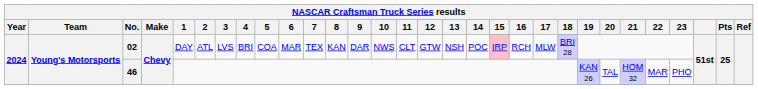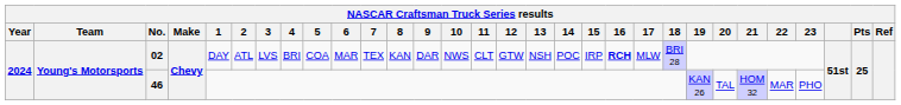 <table class="wikitable" style="text-align:center; font-size:75%">
 <tr>
 <th colspan=30><a href='#'>NASCAR Craftsman Truck Series</a> results</th>
 </tr>
 <tr>
 <th>Year</th>
 <th>Team</th>
 <th>No.</th>
 <th>Make</th>
 <th>1</th>
 <th>2</th>
 <th>3</th>
 <th>4</th>
 <th>5</th>
 <th>6</th>
 <th>7</th>
 <th>8</th>
 <th>9</th>
 <th>10</th>
 <th>11</th>
 <th>12</th>
 <th>13</th>
 <th>14</th>
 <th>15</th>
 <th>16</th>
 <th>17</th>
 <th>18</th>
 <th>19</th>
 <th>20</th>
 <th>21</th>
 <th>22</th>
 <th>23</th>
 <th></th>
 <th>Pts</th>
 <th>Ref</th>
 </tr>
 <tr>
 <th rowspan=2><a href='#'>2024</a></th>
 <th rowspan=2><a href='#'>Young's Motorsports</a></th>
 <th>02</th>
 <th rowspan=2><a href='#'>Chevy</a></th>
 <td><a href='#'>DAY</a></td>
 <td><a href='#'>ATL</a></td>
 <td><a href='#'>LVS</a></td>
 <td><a href='#'>BRI</a></td>
 <td><a href='#'>COA</a></td>
 <td><a href='#'>MAR</a></td>
 <td><a href='#'>TEX</a></td>
 <td><a href='#'>KAN</a></td>
 <td><a href='#'>DAR</a></td>
 <td><a href='#'>NWS</a></td>
 <td><a href='#'>CLT</a></td>
 <td><a href='#'>GTW</a></td>
 <td><a href='#'>NSH</a></td>
 <td><a href='#'>POC</a></td>
-<td style="background: pink;"><a href='#'>IRP</a></td>
-<td><a href='#'>RCH</a></td>
+<td><a href='#'>IRP</a></td>
+<td><strong><a href='#'>RCH</a></strong></td>
 <td><a href='#'>MLW</a></td>
 <td style="background:#CFCFFF;"><a href='#'>BRI</a><br><small>28</small></td>
 <td colspan=5></td>
 <th rowspan=2>51st</th>
 <th rowspan=2>25</th>
 <th rowspan=2></th>
 </tr>
 <tr>
 <th>46</th>
 <td colspan=18></td>
 <td style="background:#CFCFFF;"><a href='#'>KAN</a><br><small>26</small></td>
 <td><a href='#'>TAL</a></td>
 <td style="background:#CFCFFF;"><a href='#'>HOM</a><br><small>32</small></td>
 <td><a href='#'>MAR</a></td>
 <td><a href='#'>PHO</a></td>
 </tr>
 </table>
